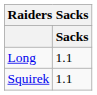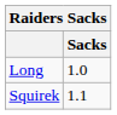 <table class="wikitable">
 <tr>
 <th colspan="2">Raiders Sacks</th>
 </tr>
 <tr>
 <th></th>
 <th>Sacks</th>
 </tr>
 <tr>
 <td><a href='#'>Long</a></td>
-<td>1.1</td>
+<td>1.0</td>
 </tr>
 <tr>
 <td><a href='#'>Squirek</a></td>
 <td>1.1</td>
 </tr>
 </table>
